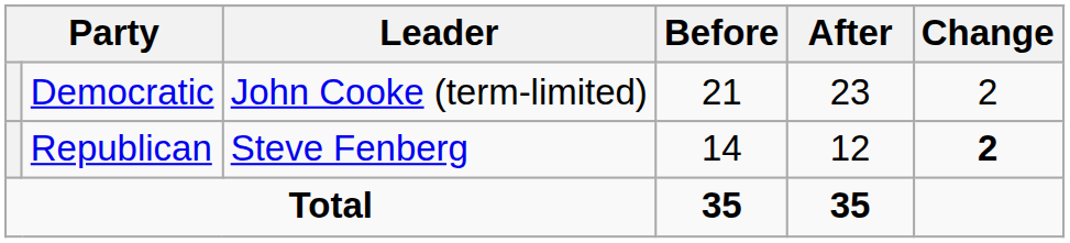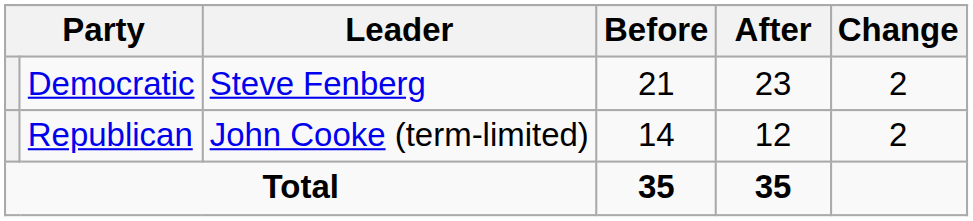 <table class="wikitable" style="text-align:center;">
 <tr>
 </tr>
 <tr>
 <th colspan=2>Party</th>
 <th>Leader</th>
 <th style="width:3em">Before</th>
 <th style="width:3em">After</th>
 <th style="width:3em">Change</th>
 </tr>
 <tr>
 <th style="background-color:"></th>
 <td style="text-align:left;"><a href='#'>Democratic</a></td>
-<td style="text-align:left;"><a href='#'>John Cooke</a> (term-limited)</td>
+<td style="text-align:left;"><a href='#'>Steve Fenberg</a></td>
 <td>21</td>
 <td>23</td>
 <td>2</td>
 </tr>
 <tr>
 <th style="background-color:"></th>
 <td style="text-align:left;"><a href='#'>Republican</a></td>
-<td style="text-align:left;"><a href='#'>Steve Fenberg</a></td>
+<td style="text-align:left;"><a href='#'>John Cooke</a> (term-limited)</td>
 <td>14</td>
 <td>12</td>
-<td><strong>2</strong></td>
+<td>2</td>
 </tr>
 <tr>
 <td colspan=3><strong>Total</strong></td>
 <td><strong>35</strong></td>
 <td><strong>35</strong></td>
 <td></td>
 </tr>
 </table>
